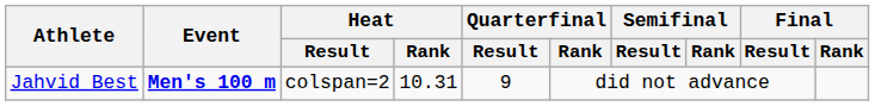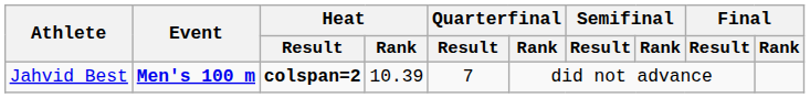 <table class="wikitable" style="font-size:90%">
 <tr>
 <th rowspan="2">Athlete</th>
 <th rowspan="2">Event</th>
 <th colspan="2">Heat</th>
 <th colspan="2">Quarterfinal</th>
 <th colspan="2">Semifinal</th>
 <th colspan="2">Final</th>
 </tr>
 <tr style="font-size:95%">
 <th>Result</th>
 <th>Rank</th>
 <th>Result</th>
 <th>Rank</th>
 <th>Result</th>
 <th>Rank</th>
 <th>Result</th>
 <th>Rank</th>
 </tr>
 <tr align=center>
 <td align=left><a href='#'>Jahvid Best</a></td>
 <td align=left><strong><a href='#'>Men's 100 m</a></strong></td>
-<td>colspan=2 </td>
-<td>10.31</td>
-<td>9</td>
+<td><strong>colspan=2 </strong></td>
+<td>10.39</td>
+<td>7</td>
 <td colspan=4>did not advance</td>
 </tr>
 </table>
